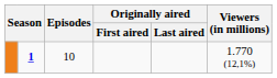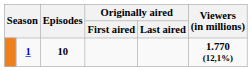 <table class="wikitable" style="text-align:center">
 <tr>
 <th colspan="2" rowspan="2">Season</th>
 <th rowspan="2">Episodes</th>
 <th colspan="2">Originally aired</th>
 <th rowspan="2">Viewers<br>(in millions)</th>
 </tr>
 <tr>
 <th>First aired</th>
 <th>Last aired</th>
 </tr>
 <tr>
 <td style="background:#EF7F1A;"></td>
 <td><strong><a href='#'>1</a></strong></td>
-<td>10</td>
+<td><strong>10</strong></td>
 <td></td>
 <td></td>
-<td>1.770<br><small>(12,1%)</small></td>
+<td><strong>1.770<br><small>(12,1%)</small></strong></td>
 </tr>
 </table>
